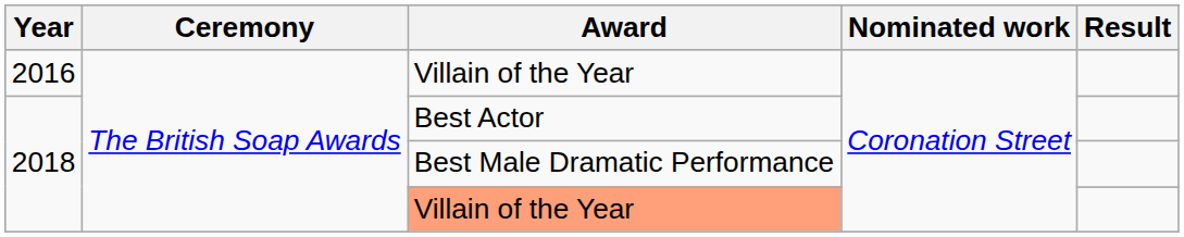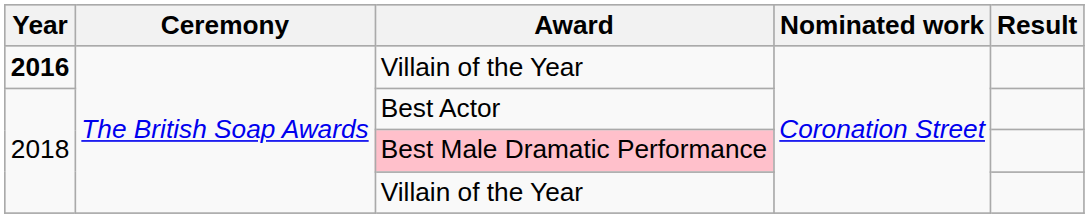 <table class="wikitable">
 <tr>
 <th>Year</th>
 <th>Ceremony</th>
 <th>Award</th>
 <th>Nominated work</th>
 <th>Result</th>
 </tr>
 <tr>
-<td>2016</td>
+<td><strong>2016</strong></td>
 <td rowspan="4"><em><a href='#'>The British Soap Awards</a></em></td>
 <td>Villain of the Year</td>
 <td rowspan="4"><em><a href='#'>Coronation Street</a></em> <br> </td>
 <td></td>
 </tr>
 <tr>
 <td rowspan="3">2018</td>
 <td>Best Actor</td>
 <td></td>
 </tr>
 <tr>
-<td>Best Male Dramatic Performance</td>
+<td style="background: pink;">Best Male Dramatic Performance</td>
 <td></td>
 </tr>
 <tr>
-<td style="background: lightsalmon;">Villain of the Year</td>
+<td>Villain of the Year</td>
 <td></td>
 </tr>
 </table>
